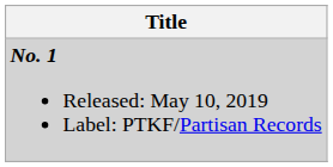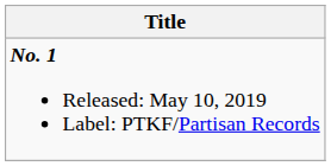 <table class="wikitable">
 <tr>
 <th>Title</th>
 </tr>
 <tr>
-<td style="background: lightgrey;"><strong><em>No. 1</em></strong><br><ul><li>Released: May 10, 2019</li><li>Label: PTKF/<a href='#'>Partisan Records</a></li></ul></td>
+<td><strong><em>No. 1</em></strong><br><ul><li>Released: May 10, 2019</li><li>Label: PTKF/<a href='#'>Partisan Records</a></li></ul></td>
 </tr>
 <tr>
 </tr>
 </table>
